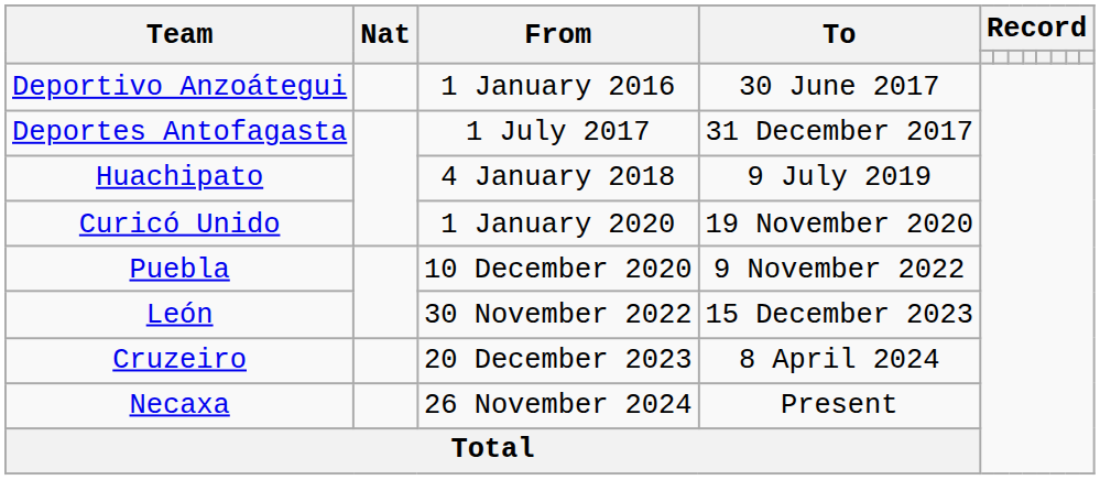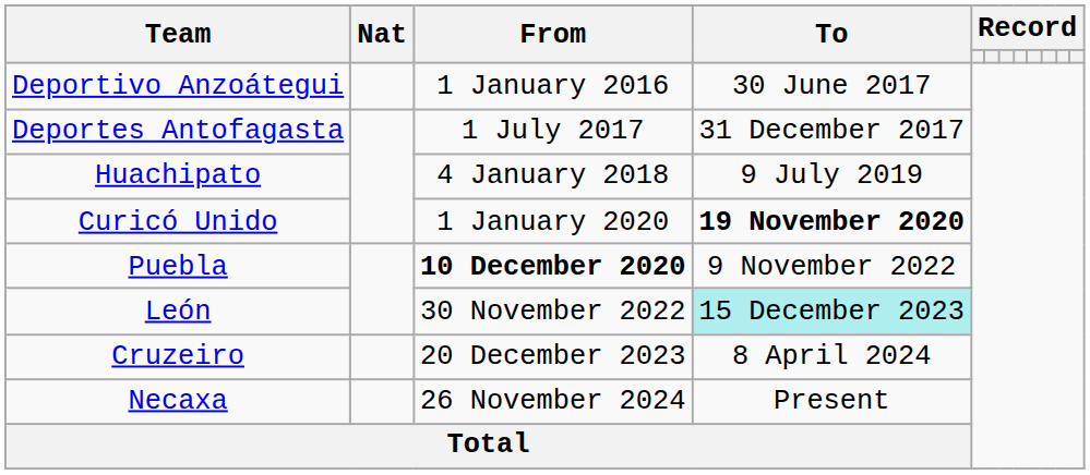 <table class="wikitable" style="text-align: center">
 <tr>
 <th rowspan="2">Team</th>
 <th rowspan="2">Nat</th>
 <th rowspan="2">From</th>
 <th rowspan="2">To</th>
 <th colspan="8">Record</th>
 </tr>
 <tr>
 <th></th>
 <th></th>
 <th></th>
 <th></th>
 <th></th>
 <th></th>
 <th></th>
 <th></th>
 </tr>
 <tr>
 <td><a href='#'>Deportivo Anzoátegui</a></td>
 <td></td>
 <td>1 January 2016</td>
 <td>30 June 2017<br></td>
 </tr>
 <tr>
 <td><a href='#'>Deportes Antofagasta</a></td>
 <td rowspan="3"></td>
 <td>1 July 2017</td>
 <td>31 December 2017<br></td>
 </tr>
 <tr>
 <td><a href='#'>Huachipato</a></td>
 <td>4 January 2018</td>
 <td>9 July 2019<br></td>
 </tr>
 <tr>
 <td><a href='#'>Curicó Unido</a></td>
 <td>1 January 2020</td>
-<td>19 November 2020<br></td>
+<td><strong>19 November 2020<br></strong></td>
 </tr>
 <tr>
 <td><a href='#'>Puebla</a></td>
 <td rowspan="2"></td>
-<td>10 December 2020</td>
+<td><strong>10 December 2020</strong></td>
 <td>9 November 2022<br></td>
 </tr>
 <tr>
 <td><a href='#'>León</a></td>
 <td>30 November 2022</td>
-<td>15 December 2023<br></td>
+<td style="background: paleturquoise;">15 December 2023<br></td>
 </tr>
 <tr>
 <td><a href='#'>Cruzeiro</a></td>
 <td></td>
 <td>20 December 2023</td>
 <td>8 April 2024<br></td>
 </tr>
 <tr>
 <td><a href='#'>Necaxa</a></td>
 <td></td>
 <td>26 November 2024</td>
 <td>Present<br></td>
 </tr>
 <tr>
 <th colspan=4>Total<br></th>
 </tr>
 </table>
